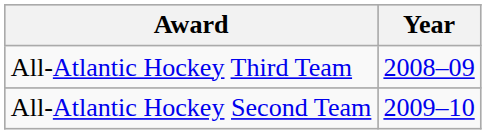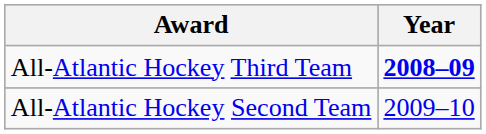 <table class="wikitable">
 <tr>
 <th>Award</th>
 <th>Year</th>
 </tr>
 <tr>
 <td>All-<a href='#'>Atlantic Hockey</a> <a href='#'>Third Team</a></td>
-<td><a href='#'>2008–09</a></td>
+<td><strong><a href='#'>2008–09</a></strong></td>
 </tr>
 <tr>
 <td>All-<a href='#'>Atlantic Hockey</a> <a href='#'>Second Team</a></td>
 <td><a href='#'>2009–10</a></td>
 </tr>
 </table>
